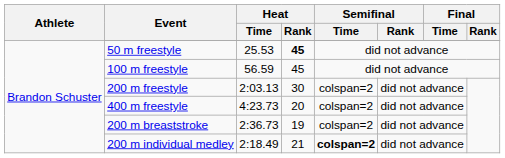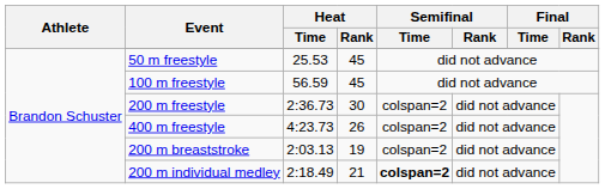 <table class=wikitable style=font-size:90%>
 <tr>
 <th rowspan=2>Athlete</th>
 <th rowspan=2>Event</th>
 <th colspan=2>Heat</th>
 <th colspan=2>Semifinal</th>
 <th colspan=2>Final</th>
 </tr>
 <tr style=font-size:95%>
 <th>Time</th>
 <th>Rank</th>
 <th>Time</th>
 <th>Rank</th>
 <th>Time</th>
 <th>Rank</th>
 </tr>
 <tr align=center>
 <td align=left rowspan=7><a href='#'>Brandon Schuster</a></td>
 </tr>
 <tr align=center>
 <td align=left><a href='#'>50 m freestyle</a></td>
 <td>25.53</td>
-<td><strong>45</strong></td>
+<td>45</td>
 <td colspan=4>did not advance</td>
 </tr>
 <tr align=center>
 <td align=left><a href='#'>100 m freestyle</a></td>
 <td>56.59</td>
 <td>45</td>
 <td colspan=4>did not advance</td>
 </tr>
 <tr align=center>
 <td align=left><a href='#'>200 m freestyle</a></td>
-<td>2:03.13</td>
+<td>2:36.73</td>
 <td>30</td>
 <td>colspan=2 </td>
 <td colspan=2>did not advance</td>
 </tr>
 <tr align=center>
 <td align=left><a href='#'>400 m freestyle</a></td>
 <td>4:23.73</td>
-<td>20</td>
+<td>26</td>
 <td>colspan=2 </td>
 <td colspan=2>did not advance</td>
 </tr>
 <tr align=center>
 <td align=left><a href='#'>200 m breaststroke</a></td>
-<td>2:36.73</td>
+<td>2:03.13</td>
 <td>19</td>
 <td>colspan=2 </td>
 <td colspan=2>did not advance</td>
 </tr>
 <tr align=center>
 <td align=left><a href='#'>200 m individual medley</a></td>
 <td>2:18.49</td>
 <td>21</td>
 <td><strong>colspan=2 </strong></td>
 <td colspan=2>did not advance</td>
 </tr>
 </table>
